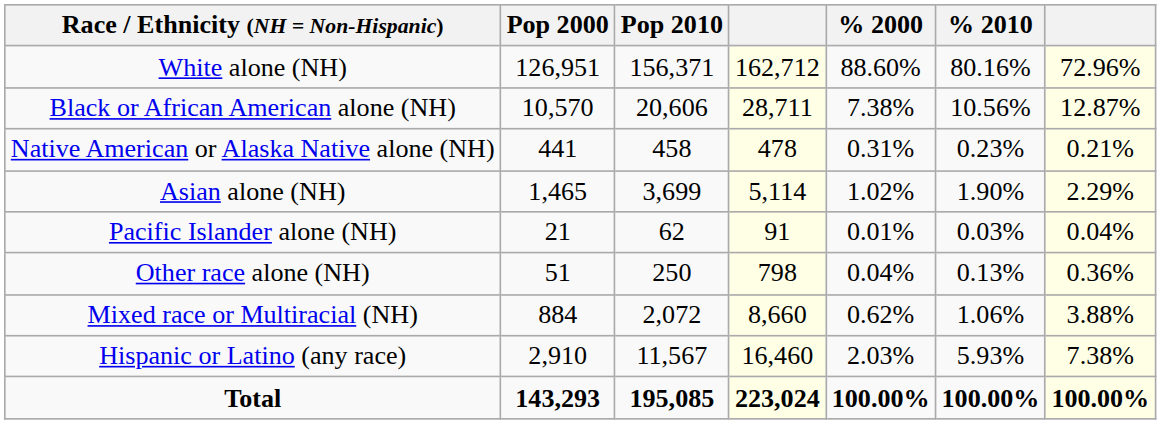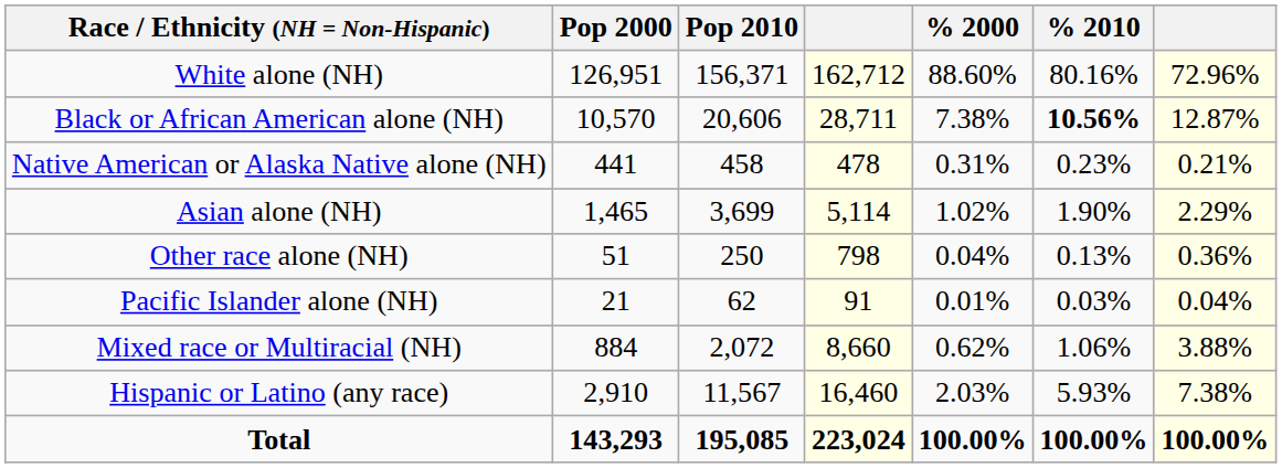 <table class="wikitable" style="text-align:center;">
 <tr>
 <th>Race / Ethnicity <small>(<em>NH = Non-Hispanic</em>)</small></th>
 <th>Pop 2000</th>
 <th>Pop 2010</th>
 <th></th>
 <th>% 2000</th>
 <th>% 2010</th>
 <th></th>
 </tr>
 <tr>
 <td><a href='#'>White</a> alone (NH)</td>
 <td>126,951</td>
 <td>156,371</td>
 <td style='background: #ffffe6;'>162,712</td>
 <td>88.60%</td>
 <td>80.16%</td>
 <td style='background: #ffffe6;'>72.96%</td>
 </tr>
 <tr>
 <td><a href='#'>Black or African American</a> alone (NH)</td>
 <td>10,570</td>
 <td>20,606</td>
 <td style='background: #ffffe6;'>28,711</td>
 <td>7.38%</td>
-<td>10.56%</td>
+<td><strong>10.56%</strong></td>
 <td style='background: #ffffe6;'>12.87%</td>
 </tr>
 <tr>
 <td><a href='#'>Native American</a> or <a href='#'>Alaska Native</a> alone (NH)</td>
 <td>441</td>
 <td>458</td>
 <td style='background: #ffffe6;'>478</td>
 <td>0.31%</td>
 <td>0.23%</td>
 <td style='background: #ffffe6;'>0.21%</td>
 </tr>
 <tr>
 <td><a href='#'>Asian</a> alone (NH)</td>
 <td>1,465</td>
 <td>3,699</td>
 <td style='background: #ffffe6;'>5,114</td>
 <td>1.02%</td>
 <td>1.90%</td>
 <td style='background: #ffffe6;'>2.29%</td>
 </tr>
 <tr>
+<td><a href='#'>Other race</a> alone (NH)</td>
+<td>51</td>
+<td>250</td>
+<td style='background: #ffffe6;'>798</td>
+<td>0.04%</td>
+<td>0.13%</td>
+<td style='background: #ffffe6;'>0.36%</td>
+</tr>
+<tr>
 <td><a href='#'>Pacific Islander</a> alone (NH)</td>
 <td>21</td>
 <td>62</td>
 <td style='background: #ffffe6;'>91</td>
 <td>0.01%</td>
 <td>0.03%</td>
 <td style='background: #ffffe6;'>0.04%</td>
-</tr>
-<tr>
-<td><a href='#'>Other race</a> alone (NH)</td>
-<td>51</td>
-<td>250</td>
-<td style='background: #ffffe6;'>798</td>
-<td>0.04%</td>
-<td>0.13%</td>
-<td style='background: #ffffe6;'>0.36%</td>
 </tr>
 <tr>
 <td><a href='#'>Mixed race or Multiracial</a> (NH)</td>
 <td>884</td>
 <td>2,072</td>
 <td style='background: #ffffe6;'>8,660</td>
 <td>0.62%</td>
 <td>1.06%</td>
 <td style='background: #ffffe6;'>3.88%</td>
 </tr>
 <tr>
 <td><a href='#'>Hispanic or Latino</a> (any race)</td>
 <td>2,910</td>
 <td>11,567</td>
 <td style='background: #ffffe6;'>16,460</td>
 <td>2.03%</td>
 <td>5.93%</td>
 <td style='background: #ffffe6;'>7.38%</td>
 </tr>
 <tr>
 <td><strong>Total</strong></td>
 <td><strong>143,293</strong></td>
 <td><strong>195,085</strong></td>
 <td style='background: #ffffe6;'><strong>223,024</strong></td>
 <td><strong>100.00%</strong></td>
 <td><strong>100.00%</strong></td>
 <td style='background: #ffffe6;'><strong>100.00%</strong></td>
 </tr>
 </table>
